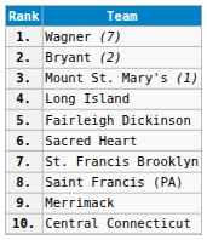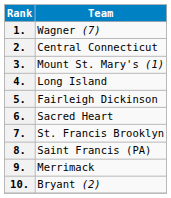 <table class="wikitable">
 <tr>
 <th align="center" style="background:#0081C4; color:#FFFFFF;">Rank</th>
 <th align="center" style="background:#0081C4; color:#FFFFFF;">Team</th>
 </tr>
 <tr>
 <th>1.</th>
 <td>Wagner <em>(7)</em></td>
 </tr>
 <tr>
 <th>2.</th>
-<td>Bryant <em>(2)</em></td>
+<td>Central Connecticut</td>
 </tr>
 <tr>
 <th>3.</th>
 <td>Mount St. Mary's <em>(1)</em></td>
 </tr>
 <tr>
 <th>4.</th>
 <td>Long Island</td>
 </tr>
 <tr>
 <th>5.</th>
 <td>Fairleigh Dickinson</td>
 </tr>
 <tr>
 <th>6.</th>
 <td>Sacred Heart</td>
 </tr>
 <tr>
 <th>7.</th>
 <td>St. Francis Brooklyn</td>
 </tr>
 <tr>
 <th>8.</th>
 <td>Saint Francis (PA)</td>
 </tr>
 <tr>
 <th>9.</th>
 <td>Merrimack</td>
 </tr>
 <tr>
 <th>10.</th>
-<td>Central Connecticut</td>
+<td>Bryant <em>(2)</em></td>
 </tr>
 <tr>
 </tr>
 </table>
